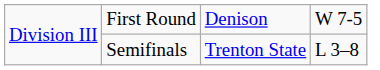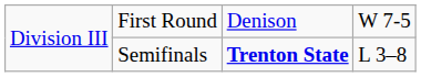 <table class="wikitable">
 <tr>
 <td rowspan="2"><a href='#'>Division III</a></td>
 <td>First Round</td>
 <td><a href='#'>Denison</a></td>
 <td>W 7-5</td>
 </tr>
 <tr>
 <td>Semifinals</td>
-<td><a href='#'>Trenton State</a></td>
+<td><strong><a href='#'>Trenton State</a></strong></td>
 <td>L 3–8</td>
 </tr>
 </table>
